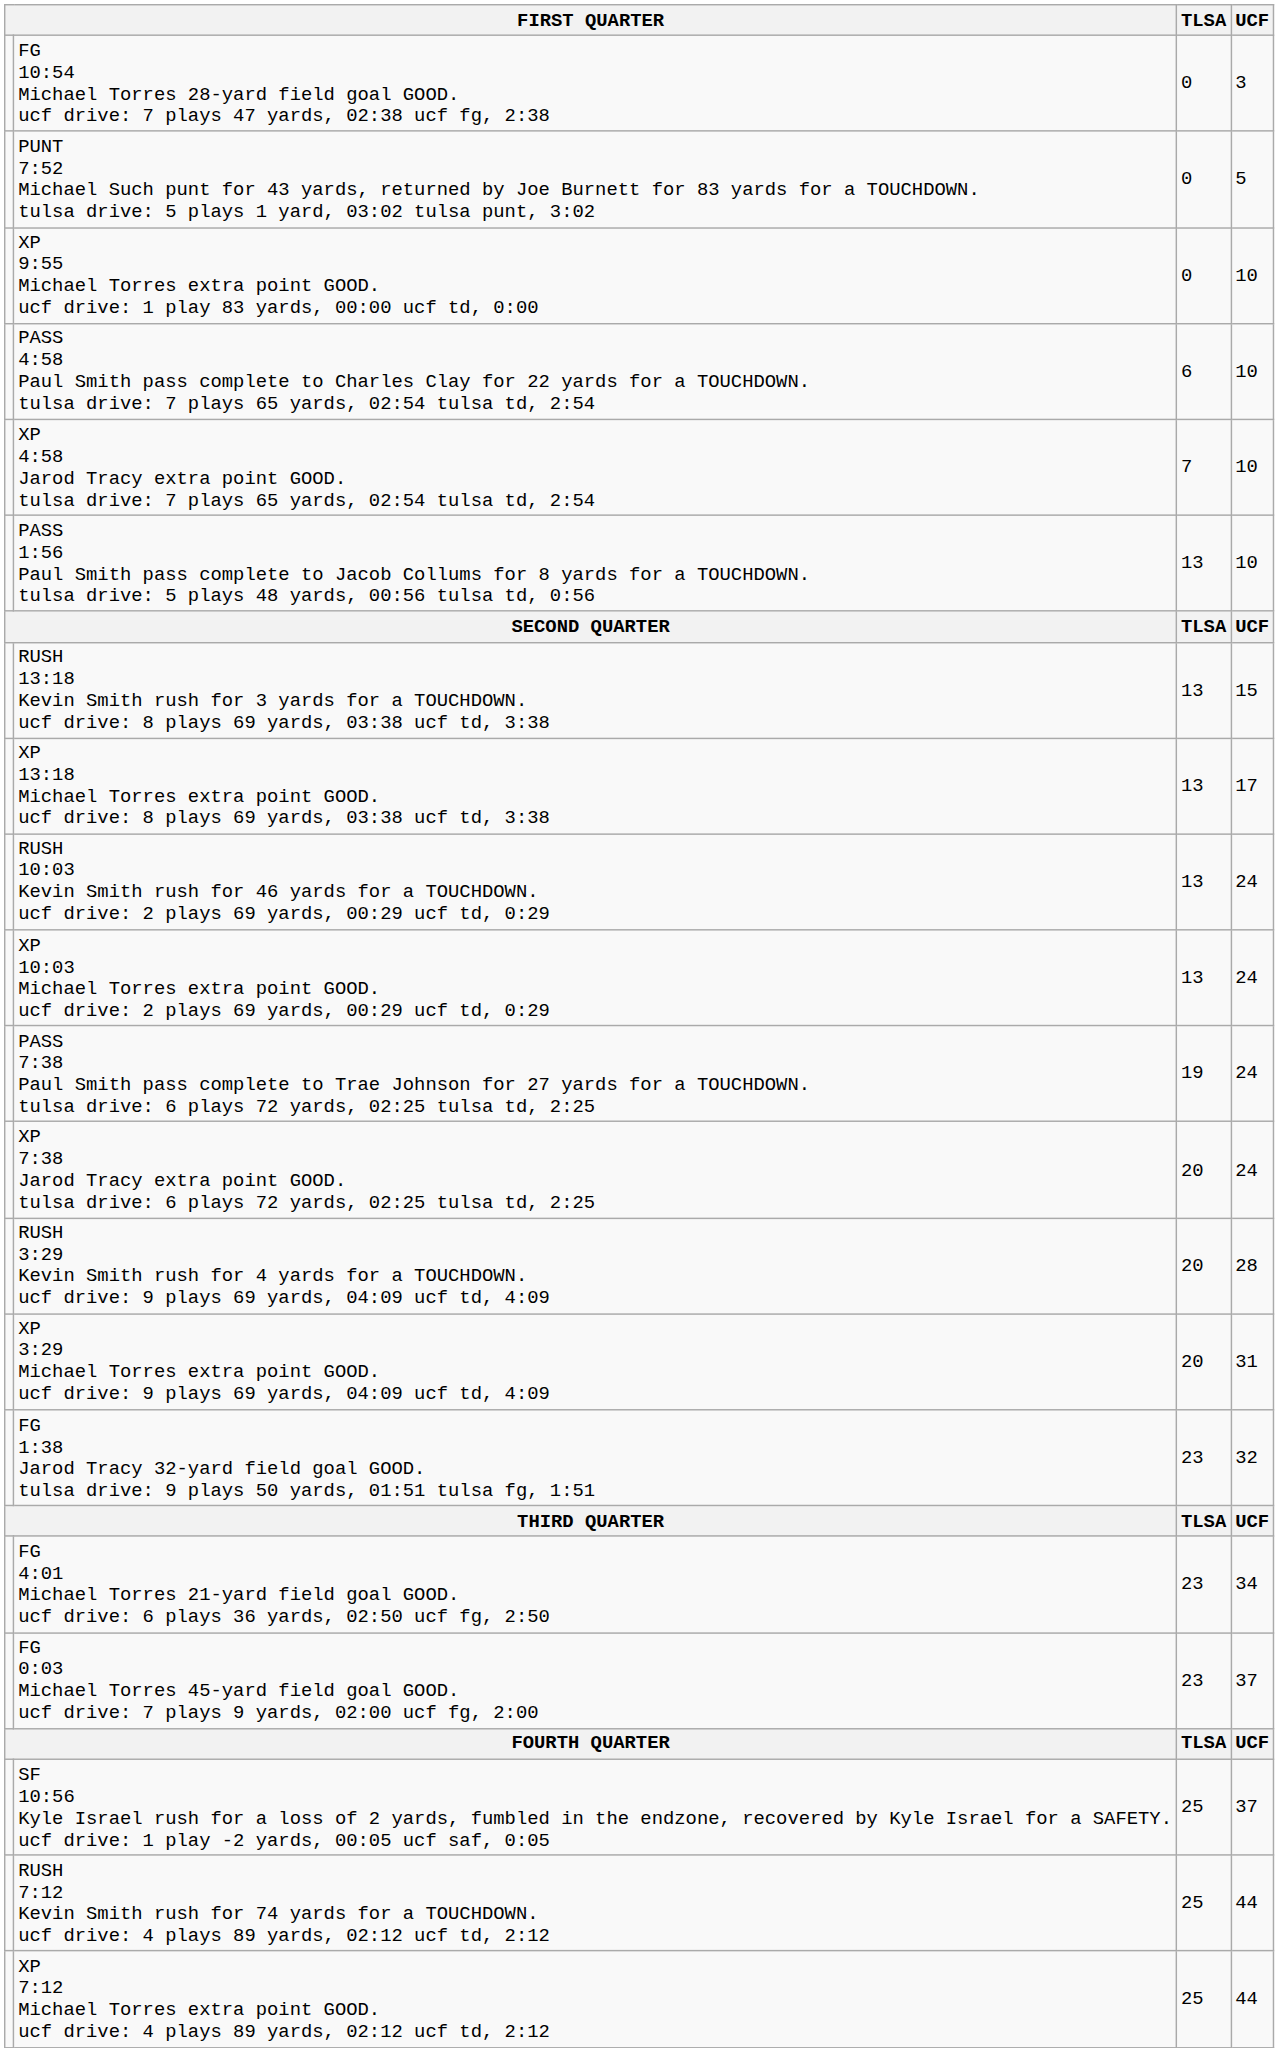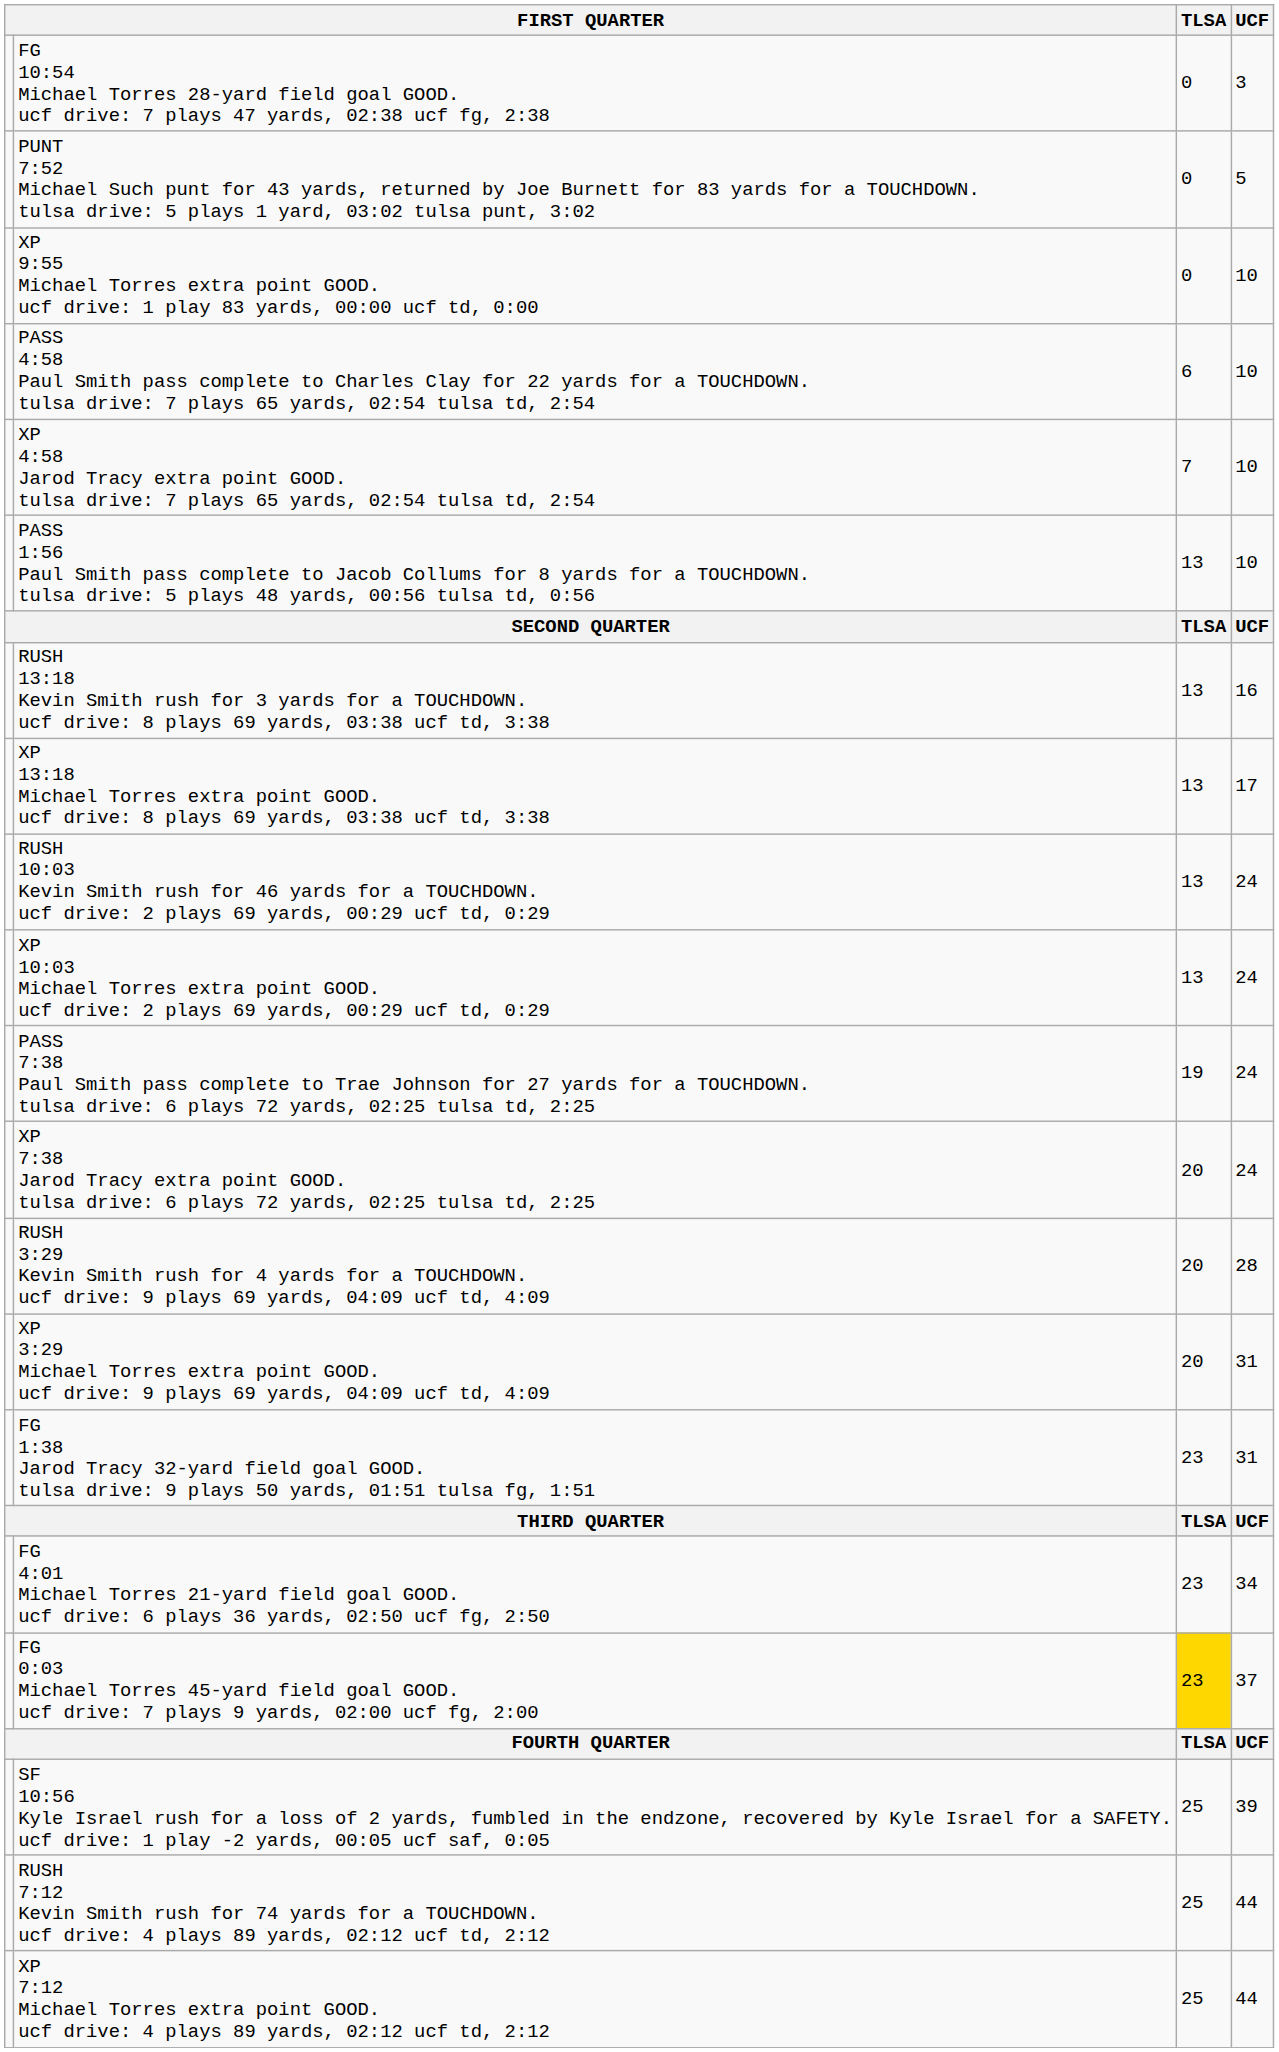 <table class="wikitable mw-collapsible">
 <tr>
 <th colspan="2">FIRST QUARTER</th>
 <th>TLSA</th>
 <th>UCF</th>
 </tr>
 <tr>
 <td></td>
 <td>FG<br>10:54<br>Michael Torres 28-yard field goal GOOD.<br>ucf drive: 7 plays 47 yards, 02:38 ucf fg, 2:38</td>
 <td>0</td>
 <td>3</td>
 </tr>
 <tr>
 <td></td>
 <td>PUNT<br>7:52<br>Michael Such punt for 43 yards, returned by Joe Burnett for 83 yards for a TOUCHDOWN.<br>tulsa drive: 5 plays 1 yard, 03:02 tulsa punt, 3:02</td>
 <td>0</td>
 <td>5</td>
 </tr>
 <tr>
 <td></td>
 <td>XP<br>9:55<br>Michael Torres extra point GOOD.<br>ucf drive: 1 play 83 yards, 00:00 ucf td, 0:00</td>
 <td>0</td>
 <td>10</td>
 </tr>
 <tr>
 <td></td>
 <td>PASS<br>4:58<br>Paul Smith pass complete to Charles Clay for 22 yards for a TOUCHDOWN.<br>tulsa drive: 7 plays 65 yards, 02:54 tulsa td, 2:54</td>
 <td>6</td>
 <td>10</td>
 </tr>
 <tr>
 <td></td>
 <td>XP<br>4:58<br>Jarod Tracy extra point GOOD.<br>tulsa drive: 7 plays 65 yards, 02:54 tulsa td, 2:54</td>
 <td>7</td>
 <td>10</td>
 </tr>
 <tr>
 <td></td>
 <td>PASS<br>1:56<br>Paul Smith pass complete to Jacob Collums for 8 yards for a TOUCHDOWN.<br>tulsa drive: 5 plays 48 yards, 00:56 tulsa td, 0:56</td>
 <td>13</td>
 <td>10</td>
 </tr>
 <tr>
 <th colspan="2">SECOND QUARTER</th>
 <th>TLSA</th>
 <th>UCF</th>
 </tr>
 <tr>
 <td></td>
 <td>RUSH<br>13:18<br>Kevin Smith rush for 3 yards for a TOUCHDOWN.<br>ucf drive: 8 plays 69 yards, 03:38 ucf td, 3:38</td>
 <td>13</td>
-<td>15</td>
+<td>16</td>
 </tr>
 <tr>
 <td></td>
 <td>XP<br>13:18<br>Michael Torres extra point GOOD.<br>ucf drive: 8 plays 69 yards, 03:38 ucf td, 3:38</td>
 <td>13</td>
 <td>17</td>
 </tr>
 <tr>
 <td></td>
 <td>RUSH<br>10:03<br>Kevin Smith rush for 46 yards for a TOUCHDOWN.<br>ucf drive: 2 plays 69 yards, 00:29 ucf td, 0:29</td>
 <td>13</td>
 <td>24</td>
 </tr>
 <tr>
 <td></td>
 <td>XP<br>10:03<br>Michael Torres extra point GOOD.<br>ucf drive: 2 plays 69 yards, 00:29 ucf td, 0:29</td>
 <td>13</td>
 <td>24</td>
 </tr>
 <tr>
 <td></td>
 <td>PASS<br>7:38<br>Paul Smith pass complete to Trae Johnson for 27 yards for a TOUCHDOWN.<br>tulsa drive: 6 plays 72 yards, 02:25 tulsa td, 2:25</td>
 <td>19</td>
 <td>24</td>
 </tr>
 <tr>
 <td></td>
 <td>XP<br>7:38<br>Jarod Tracy extra point GOOD.<br>tulsa drive: 6 plays 72 yards, 02:25 tulsa td, 2:25</td>
 <td>20</td>
 <td>24</td>
 </tr>
 <tr>
 <td></td>
 <td>RUSH<br>3:29<br>Kevin Smith rush for 4 yards for a TOUCHDOWN.<br>ucf drive: 9 plays 69 yards, 04:09 ucf td, 4:09</td>
 <td>20</td>
 <td>28</td>
 </tr>
 <tr>
 <td></td>
 <td>XP<br>3:29<br>Michael Torres extra point GOOD.<br>ucf drive: 9 plays 69 yards, 04:09 ucf td, 4:09</td>
 <td>20</td>
 <td>31</td>
 </tr>
 <tr>
 <td></td>
 <td>FG<br>1:38<br>Jarod Tracy 32-yard field goal GOOD.<br>tulsa drive: 9 plays 50 yards, 01:51 tulsa fg, 1:51</td>
 <td>23</td>
-<td>32</td>
+<td>31</td>
 </tr>
 <tr>
 <th colspan="2">THIRD QUARTER</th>
 <th>TLSA</th>
 <th>UCF</th>
 </tr>
 <tr>
 <td></td>
 <td>FG<br>4:01<br>Michael Torres 21-yard field goal GOOD.<br>ucf drive: 6 plays 36 yards, 02:50 ucf fg, 2:50</td>
 <td>23</td>
 <td>34</td>
 </tr>
 <tr>
 <td></td>
 <td>FG<br>0:03<br>Michael Torres 45-yard field goal GOOD.<br>ucf drive: 7 plays 9 yards, 02:00 ucf fg, 2:00</td>
-<td>23</td>
+<td style="background: gold;">23</td>
 <td>37</td>
 </tr>
 <tr>
 <th colspan="2">FOURTH QUARTER</th>
 <th>TLSA</th>
 <th>UCF</th>
 </tr>
 <tr>
 <td></td>
 <td>SF<br>10:56<br>Kyle Israel rush for a loss of 2 yards, fumbled in the endzone, recovered by Kyle Israel for a SAFETY.<br>ucf drive: 1 play -2 yards, 00:05 ucf saf, 0:05</td>
 <td>25</td>
-<td>37</td>
+<td>39</td>
 </tr>
 <tr>
 <td></td>
 <td>RUSH<br>7:12<br>Kevin Smith rush for 74 yards for a TOUCHDOWN.<br>ucf drive: 4 plays 89 yards, 02:12 ucf td, 2:12</td>
 <td>25</td>
 <td>44</td>
 </tr>
 <tr>
 <td></td>
 <td>XP<br>7:12<br>Michael Torres extra point GOOD.<br>ucf drive: 4 plays 89 yards, 02:12 ucf td, 2:12</td>
 <td>25</td>
 <td>44</td>
 </tr>
 </table>
